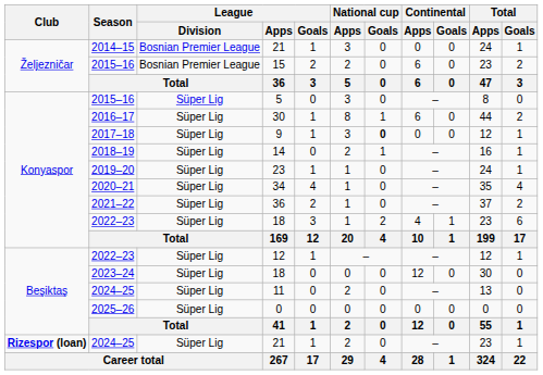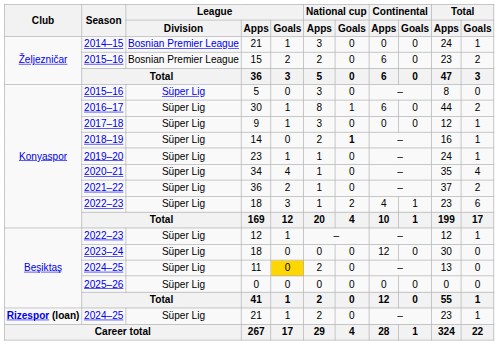 <table class="wikitable" style="text-align:center">
 <tr>
 <th rowspan=2>Club</th>
 <th rowspan=2>Season</th>
 <th colspan=3>League</th>
 <th colspan=2>National cup</th>
 <th colspan=2>Continental</th>
 <th colspan=2>Total</th>
 </tr>
 <tr>
 <th>Division</th>
 <th>Apps</th>
 <th>Goals</th>
 <th>Apps</th>
 <th>Goals</th>
 <th>Apps</th>
 <th>Goals</th>
 <th>Apps</th>
 <th>Goals</th>
 </tr>
 <tr>
 <td rowspan=3><a href='#'>Željezničar</a></td>
 <td><a href='#'>2014–15</a></td>
 <td><a href='#'>Bosnian Premier League</a></td>
 <td>21</td>
 <td>1</td>
 <td>3</td>
 <td>0</td>
 <td>0</td>
 <td>0</td>
 <td>24</td>
 <td>1</td>
 </tr>
 <tr>
 <td><a href='#'>2015–16</a></td>
 <td>Bosnian Premier League</td>
 <td>15</td>
 <td>2</td>
 <td>2</td>
 <td>0</td>
 <td>6</td>
 <td>0</td>
 <td>23</td>
 <td>2</td>
 </tr>
 <tr>
 <th colspan=2>Total</th>
 <th>36</th>
 <th>3</th>
 <th>5</th>
 <th>0</th>
 <th>6</th>
 <th>0</th>
 <th>47</th>
 <th>3</th>
 </tr>
 <tr>
 <td rowspan=9><a href='#'>Konyaspor</a></td>
 <td><a href='#'>2015–16</a></td>
 <td><a href='#'>Süper Lig</a></td>
 <td>5</td>
 <td>0</td>
 <td>3</td>
 <td>0</td>
 <td colspan=2>–</td>
 <td>8</td>
 <td>0</td>
 </tr>
 <tr>
 <td><a href='#'>2016–17</a></td>
 <td>Süper Lig</td>
 <td>30</td>
 <td>1</td>
 <td>8</td>
 <td>1</td>
 <td>6</td>
 <td>0</td>
 <td>44</td>
 <td>2</td>
 </tr>
 <tr>
 <td><a href='#'>2017–18</a></td>
 <td>Süper Lig</td>
 <td>9</td>
 <td>1</td>
 <td>3</td>
-<td><strong>0</strong></td>
+<td>0</td>
 <td>0</td>
 <td>0</td>
 <td>12</td>
 <td>1</td>
 </tr>
 <tr>
 <td><a href='#'>2018–19</a></td>
 <td>Süper Lig</td>
 <td>14</td>
 <td>0</td>
 <td>2</td>
-<td>1</td>
+<td><strong>1</strong></td>
 <td colspan=2>–</td>
 <td>16</td>
 <td>1</td>
 </tr>
 <tr>
 <td><a href='#'>2019–20</a></td>
 <td>Süper Lig</td>
 <td>23</td>
 <td>1</td>
 <td>1</td>
 <td>0</td>
 <td colspan=2>–</td>
 <td>24</td>
 <td>1</td>
 </tr>
 <tr>
 <td><a href='#'>2020–21</a></td>
 <td>Süper Lig</td>
 <td>34</td>
 <td>4</td>
 <td>1</td>
 <td>0</td>
 <td colspan=2>–</td>
 <td>35</td>
 <td>4</td>
 </tr>
 <tr>
 <td><a href='#'>2021–22</a></td>
 <td>Süper Lig</td>
 <td>36</td>
 <td>2</td>
 <td>1</td>
 <td>0</td>
 <td colspan=2>–</td>
 <td>37</td>
 <td>2</td>
 </tr>
 <tr>
 <td><a href='#'>2022–23</a></td>
 <td>Süper Lig</td>
 <td>18</td>
 <td>3</td>
 <td>1</td>
 <td>2</td>
 <td>4</td>
 <td>1</td>
 <td>23</td>
 <td>6</td>
 </tr>
 <tr>
 <th colspan=2>Total</th>
 <th>169</th>
 <th>12</th>
 <th>20</th>
 <th>4</th>
 <th>10</th>
 <th>1</th>
 <th>199</th>
 <th>17</th>
 </tr>
 <tr>
 <td rowspan=5><a href='#'>Beşiktaş</a></td>
 <td><a href='#'>2022–23</a></td>
 <td>Süper Lig</td>
 <td>12</td>
 <td>1</td>
 <td colspan=2>–</td>
 <td colspan=2>–</td>
 <td>12</td>
 <td>1</td>
 </tr>
 <tr>
 <td><a href='#'>2023–24</a></td>
 <td>Süper Lig</td>
 <td>18</td>
 <td>0</td>
 <td>0</td>
 <td>0</td>
 <td>12</td>
 <td>0</td>
 <td>30</td>
 <td>0</td>
 </tr>
 <tr>
 <td><a href='#'>2024–25</a></td>
 <td>Süper Lig</td>
 <td>11</td>
-<td>0</td>
+<td style="background: gold;">0</td>
 <td>2</td>
 <td>0</td>
 <td colspan=2>–</td>
 <td>13</td>
 <td>0</td>
 </tr>
 <tr>
 <td><a href='#'>2025–26</a></td>
 <td>Süper Lig</td>
 <td>0</td>
 <td>0</td>
 <td>0</td>
 <td>0</td>
 <td>0</td>
 <td>0</td>
 <td>0</td>
 <td>0</td>
 </tr>
 <tr>
 <th colspan=2>Total</th>
 <th>41</th>
 <th>1</th>
 <th>2</th>
 <th>0</th>
 <th>12</th>
 <th>0</th>
 <th>55</th>
 <th>1</th>
 </tr>
 <tr>
 <td><strong><a href='#'>Rizespor</a> (loan)</strong></td>
 <td><a href='#'>2024–25</a></td>
 <td>Süper Lig</td>
 <td>21</td>
 <td>1</td>
 <td>2</td>
 <td>0</td>
 <td colspan=2>–</td>
 <td>23</td>
 <td>1</td>
 </tr>
 <tr>
 <th colspan=3>Career total</th>
 <th>267</th>
 <th>17</th>
 <th>29</th>
 <th>4</th>
 <th>28</th>
 <th>1</th>
 <th>324</th>
 <th>22</th>
 </tr>
 </table>
